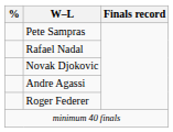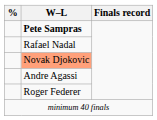 <table class="wikitable" style="display: inline-table;">
 <tr>
 <th width=20>%</th>
 <th>W–L</th>
 <th>Finals record</th>
 </tr>
 <tr>
 <td></td>
-<td> Pete Sampras</td>
+<td><strong> Pete Sampras</strong></td>
 </tr>
 <tr>
 <td></td>
 <td> Rafael Nadal</td>
 </tr>
 <tr>
 <td></td>
-<td> Novak Djokovic</td>
+<td style="background: lightsalmon;"> Novak Djokovic</td>
 </tr>
 <tr>
 <td></td>
 <td> Andre Agassi</td>
 </tr>
 <tr>
 <td></td>
 <td> Roger Federer</td>
 </tr>
 <tr>
 <td colspan=3 style="text-align: center;"><small><em>minimum 40 finals</em></small></td>
 </tr>
 </table>
